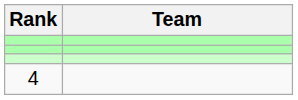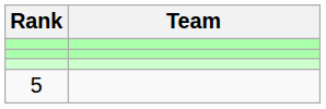 <table class=wikitable style="text-align:center;">
 <tr>
 <th>Rank</th>
 <th width=180>Team</th>
 </tr>
 <tr bgcolor=#AAFFAA>
 <td></td>
 <td align=left></td>
 </tr>
 <tr bgcolor=#AAFFAA>
 <td></td>
 <td align=left></td>
 </tr>
 <tr bgcolor=#CCFFCC>
 <td></td>
 <td align=left></td>
 </tr>
 <tr>
-<td>4</td>
+<td>5</td>
 <td align=left></td>
 </tr>
 </table>
